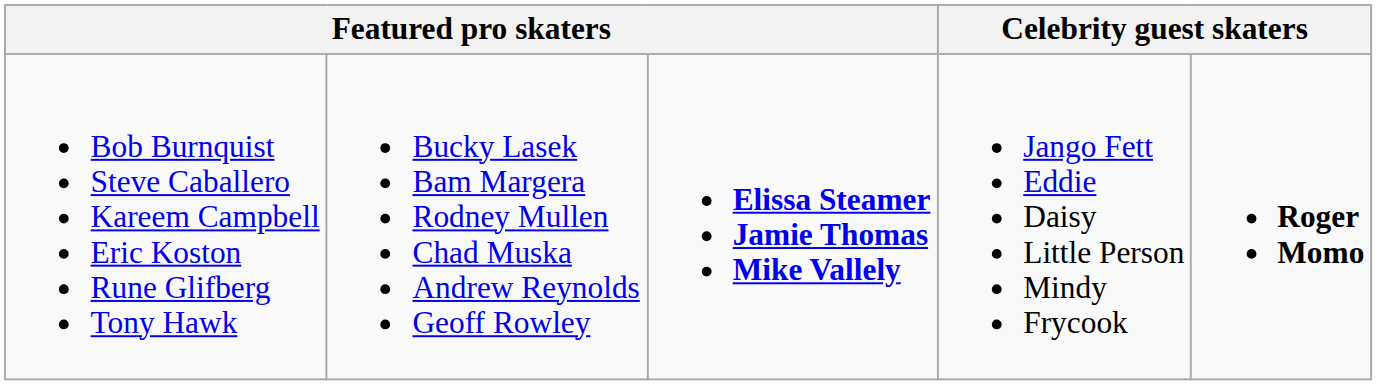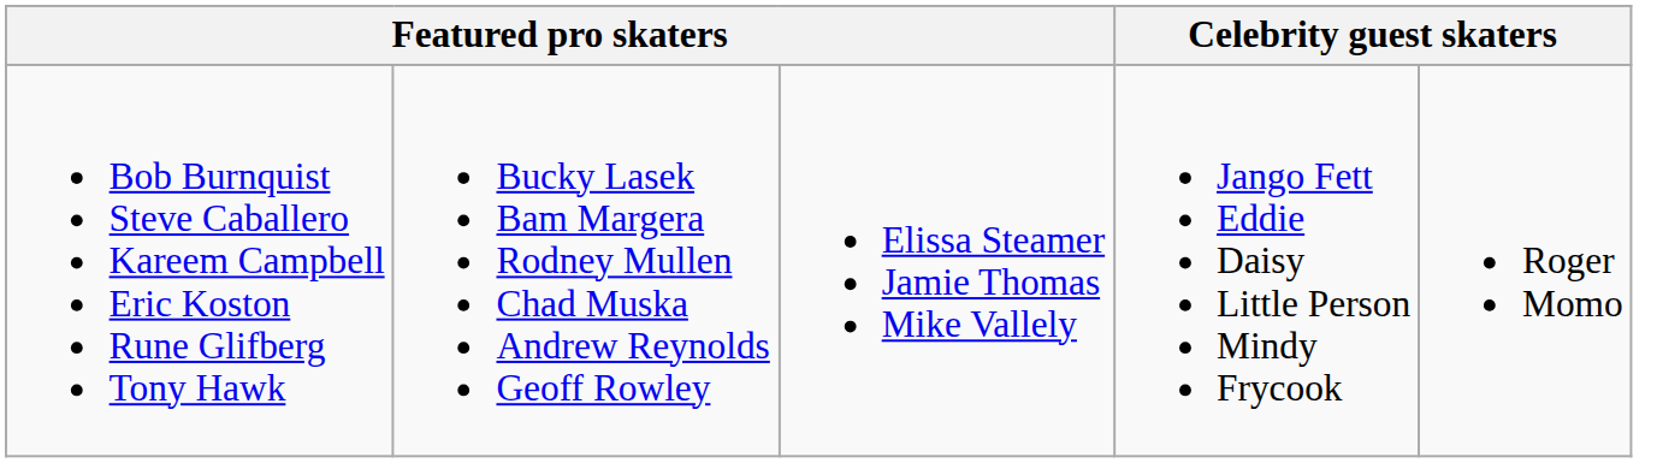 <table class="wikitable">
 <tr>
 <th colspan="3">Featured pro skaters</th>
 <th colspan="2">Celebrity guest skaters</th>
 </tr>
 <tr>
 <td><br><ul><li><a href='#'>Bob Burnquist</a></li><li><a href='#'>Steve Caballero</a></li><li><a href='#'>Kareem Campbell</a></li><li><a href='#'>Eric Koston</a></li><li><a href='#'>Rune Glifberg</a></li><li><a href='#'>Tony Hawk</a></li></ul></td>
 <td><br><ul><li><a href='#'>Bucky Lasek</a></li><li><a href='#'>Bam Margera</a></li><li><a href='#'>Rodney Mullen</a></li><li><a href='#'>Chad Muska</a></li><li><a href='#'>Andrew Reynolds</a></li><li><a href='#'>Geoff Rowley</a></li></ul></td>
-<td><strong><br><ul><li><a href='#'>Elissa Steamer</a></li><li><a href='#'>Jamie Thomas</a></li><li><a href='#'>Mike Vallely</a></li></ul></strong></td>
+<td><br><ul><li><a href='#'>Elissa Steamer</a></li><li><a href='#'>Jamie Thomas</a></li><li><a href='#'>Mike Vallely</a></li></ul></td>
 <td><br><ul><li><a href='#'>Jango Fett</a></li><li><a href='#'>Eddie</a></li><li>Daisy</li><li>Little Person</li><li>Mindy</li><li>Frycook</li></ul></td>
-<td><strong><br><ul><li>Roger</li><li>Momo</li></ul></strong></td>
+<td><br><ul><li>Roger</li><li>Momo</li></ul></td>
 </tr>
 </table>
